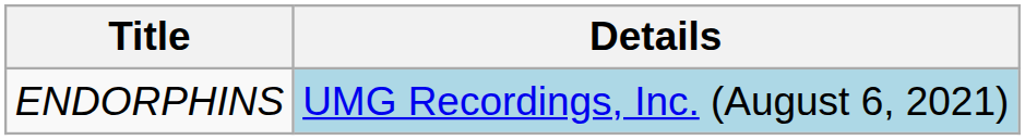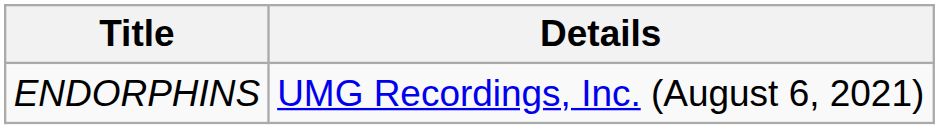 <table class="wikitable">
 <tr>
 <th>Title</th>
 <th>Details</th>
 </tr>
 <tr>
 <td><em>ENDORPHINS</em></td>
-<td style="background: lightblue;"><a href='#'>UMG Recordings, Inc.</a> (August 6, 2021)</td>
+<td><a href='#'>UMG Recordings, Inc.</a> (August 6, 2021)</td>
 </tr>
 </table>
